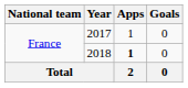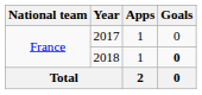 <table class="wikitable" style="text-align:center">
 <tr>
 <th>National team</th>
 <th>Year</th>
 <th>Apps</th>
 <th>Goals</th>
 </tr>
 <tr>
 <td rowspan="2"><a href='#'>France</a></td>
 <td>2017</td>
 <td>1</td>
 <td>0</td>
 </tr>
 <tr>
 <td>2018</td>
-<td><strong>1</strong></td>
-<td>0</td>
+<td>1</td>
+<td><strong>0</strong></td>
 </tr>
 <tr>
 <th colspan="2">Total</th>
 <th>2</th>
 <th>0</th>
 </tr>
 </table>
